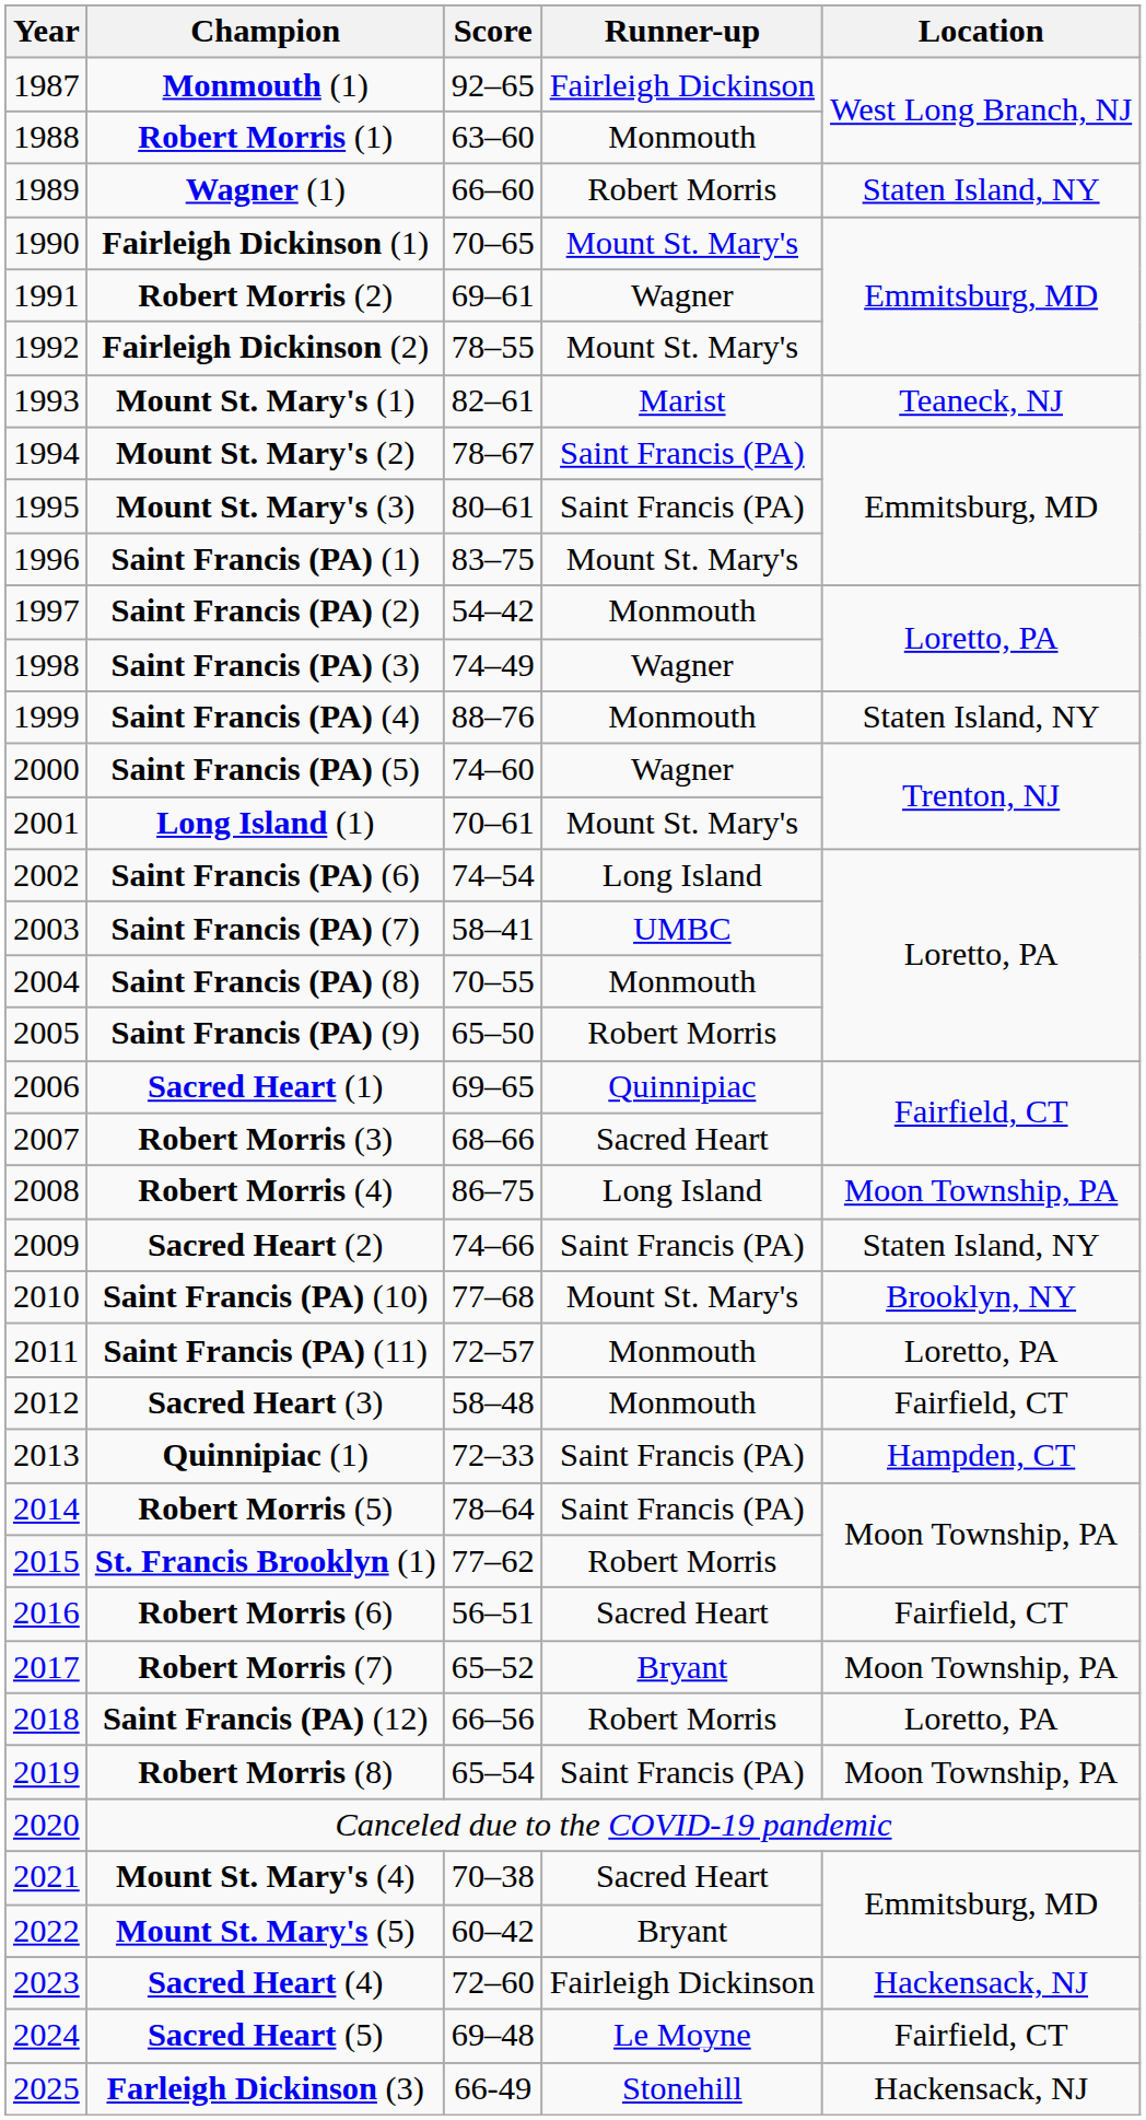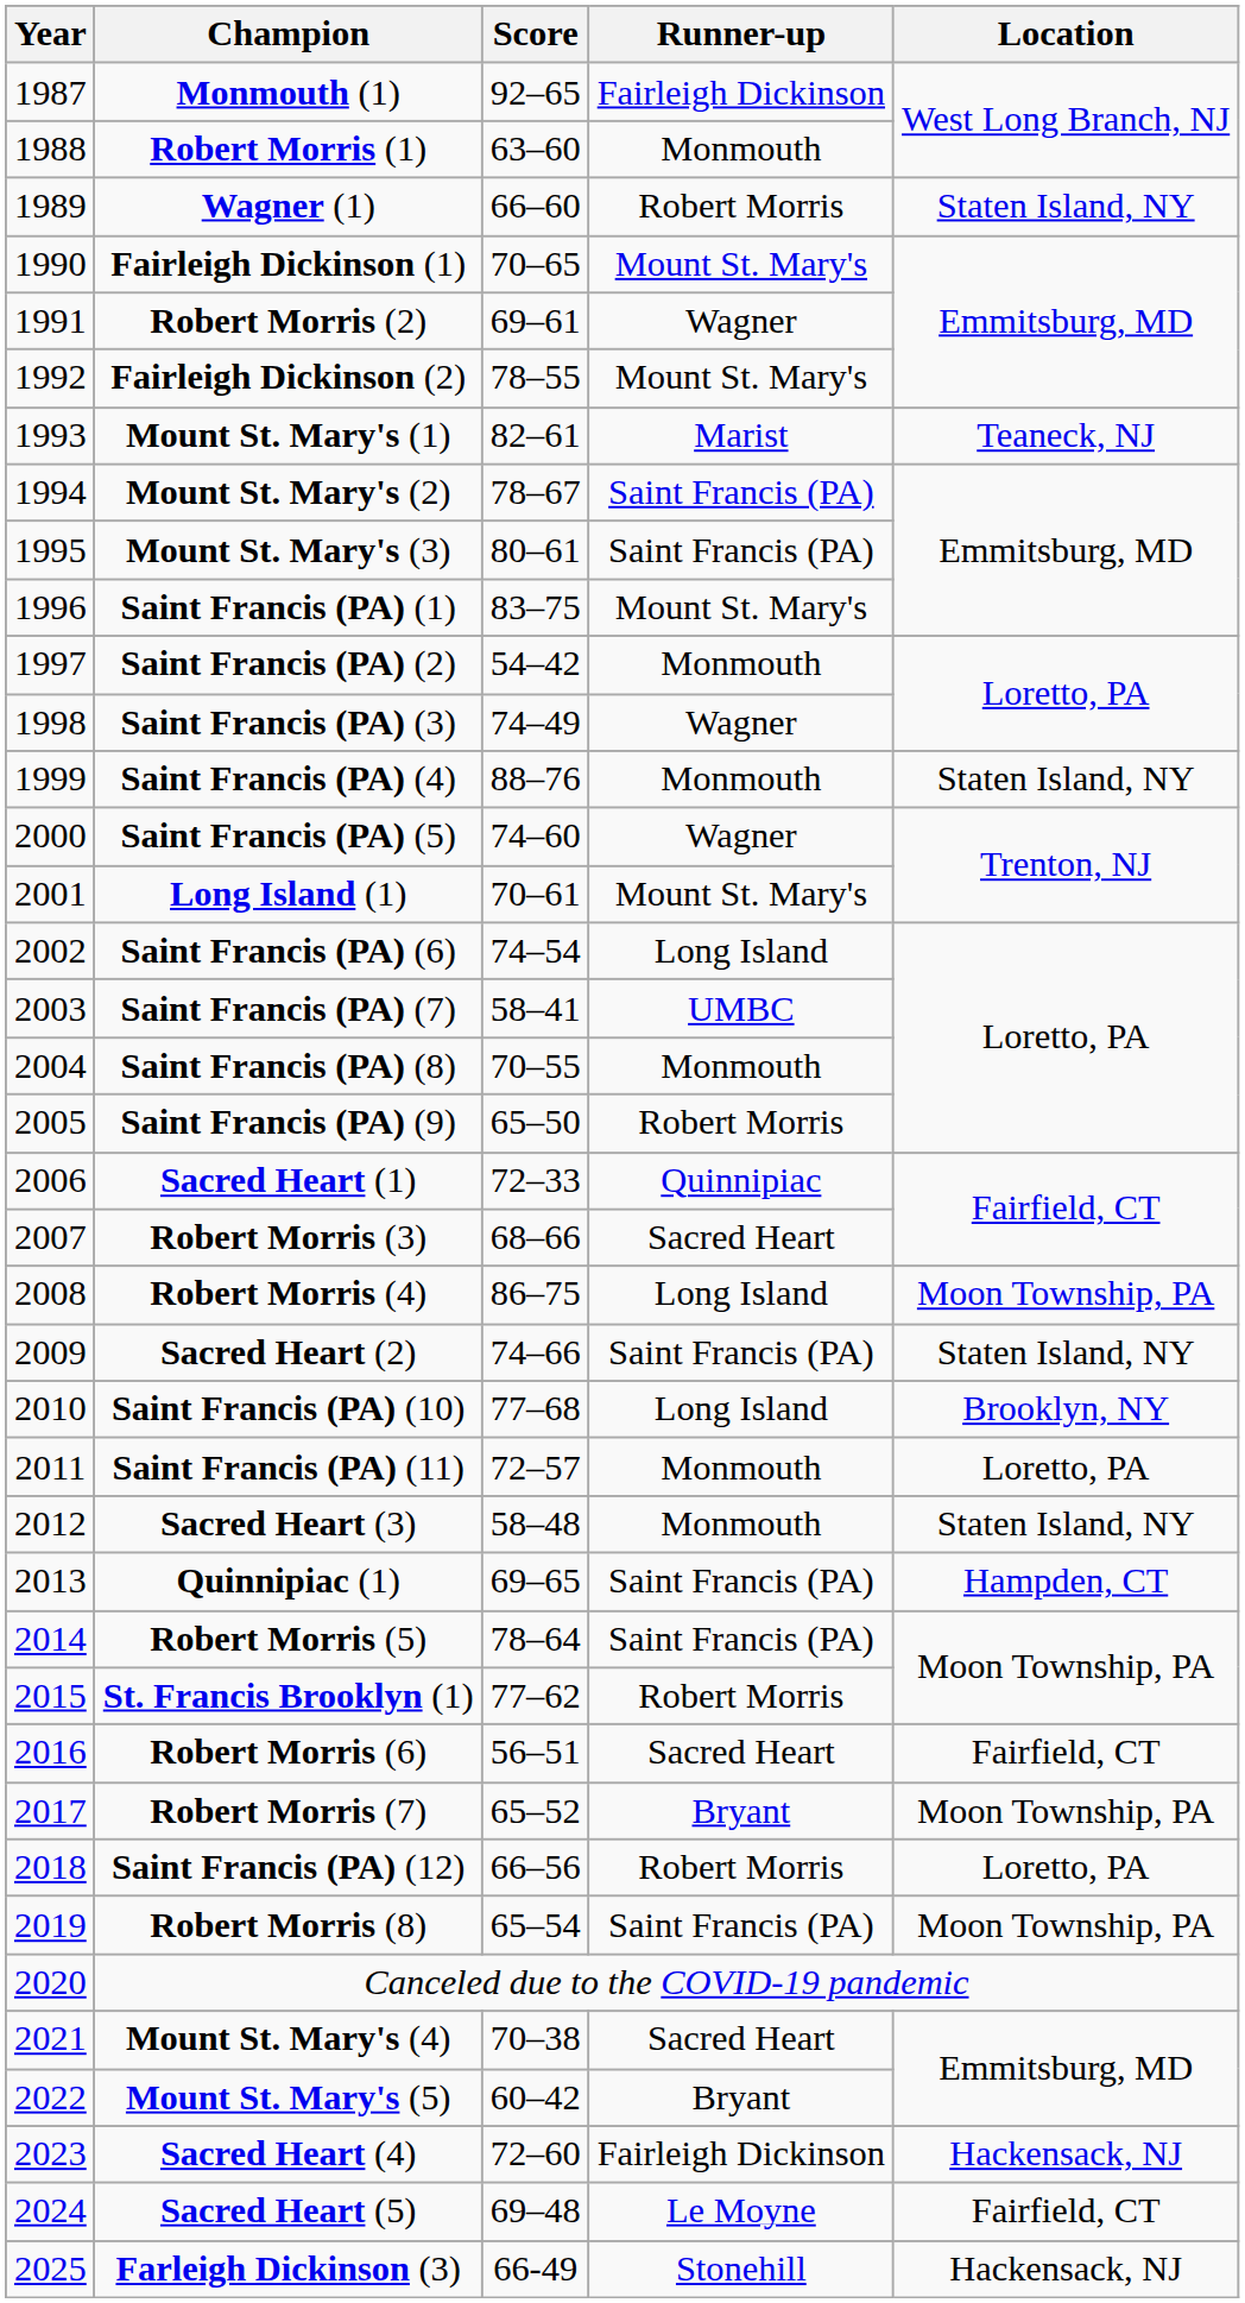 <table class="wikitable sortable" style="text-align:center">
 <tr>
 <th width=px>Year</th>
 <th width=px>Champion</th>
 <th width=px>Score</th>
 <th width=px>Runner-up</th>
 <th width=px>Location</th>
 </tr>
 <tr>
 <td>1987</td>
 <td><strong><a href='#'>Monmouth</a></strong> (1)</td>
 <td>92–65</td>
 <td><a href='#'>Fairleigh Dickinson</a></td>
 <td rowspan=2><a href='#'>West Long Branch, NJ</a></td>
 </tr>
 <tr>
 <td>1988</td>
 <td><strong><a href='#'>Robert Morris</a></strong> (1)</td>
 <td>63–60</td>
 <td>Monmouth</td>
 </tr>
 <tr>
 <td>1989</td>
 <td><strong><a href='#'>Wagner</a></strong> (1)</td>
 <td>66–60</td>
 <td>Robert Morris</td>
 <td><a href='#'>Staten Island, NY</a></td>
 </tr>
 <tr>
 <td>1990</td>
 <td><strong>Fairleigh Dickinson</strong> (1)</td>
 <td>70–65</td>
 <td><a href='#'>Mount St. Mary's</a></td>
 <td rowspan=3><a href='#'>Emmitsburg, MD</a></td>
 </tr>
 <tr>
 <td>1991</td>
 <td><strong>Robert Morris</strong> (2)</td>
 <td>69–61</td>
 <td>Wagner</td>
 </tr>
 <tr>
 <td>1992</td>
 <td><strong>Fairleigh Dickinson</strong> (2)</td>
 <td>78–55</td>
 <td>Mount St. Mary's</td>
 </tr>
 <tr>
 <td>1993</td>
 <td><strong>Mount St. Mary's</strong> (1)</td>
 <td>82–61</td>
 <td><a href='#'>Marist</a></td>
 <td><a href='#'>Teaneck, NJ</a></td>
 </tr>
 <tr>
 <td>1994</td>
 <td><strong>Mount St. Mary's</strong> (2)</td>
 <td>78–67</td>
 <td><a href='#'>Saint Francis (PA)</a></td>
 <td rowspan=3>Emmitsburg, MD</td>
 </tr>
 <tr>
 <td>1995</td>
 <td><strong>Mount St. Mary's</strong> (3)</td>
 <td>80–61</td>
 <td>Saint Francis (PA)</td>
 </tr>
 <tr>
 <td>1996</td>
 <td><strong>Saint Francis (PA)</strong> (1)</td>
 <td>83–75</td>
 <td>Mount St. Mary's</td>
 </tr>
 <tr>
 <td>1997</td>
 <td><strong>Saint Francis (PA)</strong> (2)</td>
 <td>54–42</td>
 <td>Monmouth</td>
 <td rowspan=2><a href='#'>Loretto, PA</a></td>
 </tr>
 <tr>
 <td>1998</td>
 <td><strong>Saint Francis (PA)</strong> (3)</td>
 <td>74–49</td>
 <td>Wagner</td>
 </tr>
 <tr>
 <td>1999</td>
 <td><strong>Saint Francis (PA)</strong> (4)</td>
 <td>88–76</td>
 <td>Monmouth</td>
 <td>Staten Island, NY</td>
 </tr>
 <tr>
 <td>2000</td>
 <td><strong>Saint Francis (PA)</strong> (5)</td>
 <td>74–60</td>
 <td>Wagner</td>
 <td rowspan=2><a href='#'>Trenton, NJ</a></td>
 </tr>
 <tr>
 <td>2001</td>
 <td><strong><a href='#'>Long Island</a></strong> (1)</td>
 <td>70–61</td>
 <td>Mount St. Mary's</td>
 </tr>
 <tr>
 <td>2002</td>
 <td><strong>Saint Francis (PA)</strong> (6)</td>
 <td>74–54</td>
 <td>Long Island</td>
 <td rowspan=4>Loretto, PA</td>
 </tr>
 <tr>
 <td>2003</td>
 <td><strong>Saint Francis (PA)</strong> (7)</td>
 <td>58–41</td>
 <td><a href='#'>UMBC</a></td>
 </tr>
 <tr>
 <td>2004</td>
 <td><strong>Saint Francis (PA)</strong> (8)</td>
 <td>70–55</td>
 <td>Monmouth</td>
 </tr>
 <tr>
 <td>2005</td>
 <td><strong>Saint Francis (PA)</strong> (9)</td>
 <td>65–50</td>
 <td>Robert Morris</td>
 </tr>
 <tr>
 <td>2006</td>
 <td><strong><a href='#'>Sacred Heart</a></strong> (1)</td>
-<td>69–65</td>
+<td>72–33</td>
 <td><a href='#'>Quinnipiac</a></td>
 <td rowspan=2><a href='#'>Fairfield, CT</a></td>
 </tr>
 <tr>
 <td>2007</td>
 <td><strong>Robert Morris</strong> (3)</td>
 <td>68–66</td>
 <td>Sacred Heart</td>
 </tr>
 <tr>
 <td>2008</td>
 <td><strong>Robert Morris</strong> (4)</td>
 <td>86–75</td>
 <td>Long Island</td>
 <td><a href='#'>Moon Township, PA</a></td>
 </tr>
 <tr>
 <td>2009</td>
 <td><strong>Sacred Heart</strong> (2)</td>
 <td>74–66</td>
 <td>Saint Francis (PA)</td>
 <td>Staten Island, NY</td>
 </tr>
 <tr>
 <td>2010</td>
 <td><strong>Saint Francis (PA)</strong> (10)</td>
 <td>77–68</td>
-<td>Mount St. Mary's</td>
+<td>Long Island</td>
 <td><a href='#'>Brooklyn, NY</a></td>
 </tr>
 <tr>
 <td>2011</td>
 <td><strong>Saint Francis (PA)</strong> (11)</td>
 <td>72–57</td>
 <td>Monmouth</td>
 <td>Loretto, PA</td>
 </tr>
 <tr>
 <td>2012</td>
 <td><strong>Sacred Heart</strong> (3)</td>
 <td>58–48</td>
 <td>Monmouth</td>
-<td>Fairfield, CT</td>
+<td>Staten Island, NY</td>
 </tr>
 <tr>
 <td>2013</td>
 <td><strong>Quinnipiac</strong> (1)</td>
-<td>72–33</td>
+<td>69–65</td>
 <td>Saint Francis (PA)</td>
 <td><a href='#'>Hampden, CT</a></td>
 </tr>
 <tr>
 <td><a href='#'>2014</a></td>
 <td><strong>Robert Morris</strong> (5)</td>
 <td>78–64</td>
 <td>Saint Francis (PA)</td>
 <td rowspan=2>Moon Township, PA</td>
 </tr>
 <tr>
 <td><a href='#'>2015</a></td>
 <td><strong><a href='#'>St. Francis Brooklyn</a></strong> (1)</td>
 <td>77–62</td>
 <td>Robert Morris</td>
 </tr>
 <tr>
 <td><a href='#'>2016</a></td>
 <td><strong>Robert Morris</strong> (6)</td>
 <td>56–51</td>
 <td>Sacred Heart</td>
 <td>Fairfield, CT</td>
 </tr>
 <tr>
 <td><a href='#'>2017</a></td>
 <td><strong>Robert Morris</strong> (7)</td>
 <td>65–52</td>
 <td><a href='#'>Bryant</a></td>
 <td>Moon Township, PA</td>
 </tr>
 <tr>
 <td><a href='#'>2018</a></td>
 <td><strong>Saint Francis (PA)</strong> (12)</td>
 <td>66–56</td>
 <td>Robert Morris</td>
 <td>Loretto, PA</td>
 </tr>
 <tr>
 <td><a href='#'>2019</a></td>
 <td><strong>Robert Morris</strong> (8)</td>
 <td>65–54</td>
 <td>Saint Francis (PA)</td>
 <td>Moon Township, PA</td>
 </tr>
 <tr>
 <td><a href='#'>2020</a></td>
 <td colspan=4><em>Canceled due to the <a href='#'>COVID-19 pandemic</a></em></td>
 </tr>
 <tr>
 <td><a href='#'>2021</a></td>
 <td><strong>Mount St. Mary's</strong> (4)</td>
 <td>70–38</td>
 <td>Sacred Heart</td>
 <td rowspan=2>Emmitsburg, MD</td>
 </tr>
 <tr>
 <td><a href='#'>2022</a></td>
 <td><strong><a href='#'>Mount St. Mary's</a></strong> (5)</td>
 <td>60–42</td>
 <td>Bryant</td>
 </tr>
 <tr>
 <td><a href='#'>2023</a></td>
 <td><strong><a href='#'>Sacred Heart</a></strong> (4)</td>
 <td>72–60</td>
 <td>Fairleigh Dickinson</td>
 <td><a href='#'>Hackensack, NJ</a></td>
 </tr>
 <tr>
 <td><a href='#'>2024</a></td>
 <td><strong><a href='#'>Sacred Heart</a></strong> (5)</td>
 <td>69–48</td>
 <td><a href='#'>Le Moyne</a></td>
 <td>Fairfield, CT</td>
 </tr>
 <tr>
 <td><a href='#'>2025</a></td>
 <td><strong><a href='#'>Farleigh Dickinson</a></strong> (3)</td>
 <td>66-49</td>
 <td><a href='#'>Stonehill</a></td>
 <td>Hackensack, NJ</td>
 </tr>
 </table>
